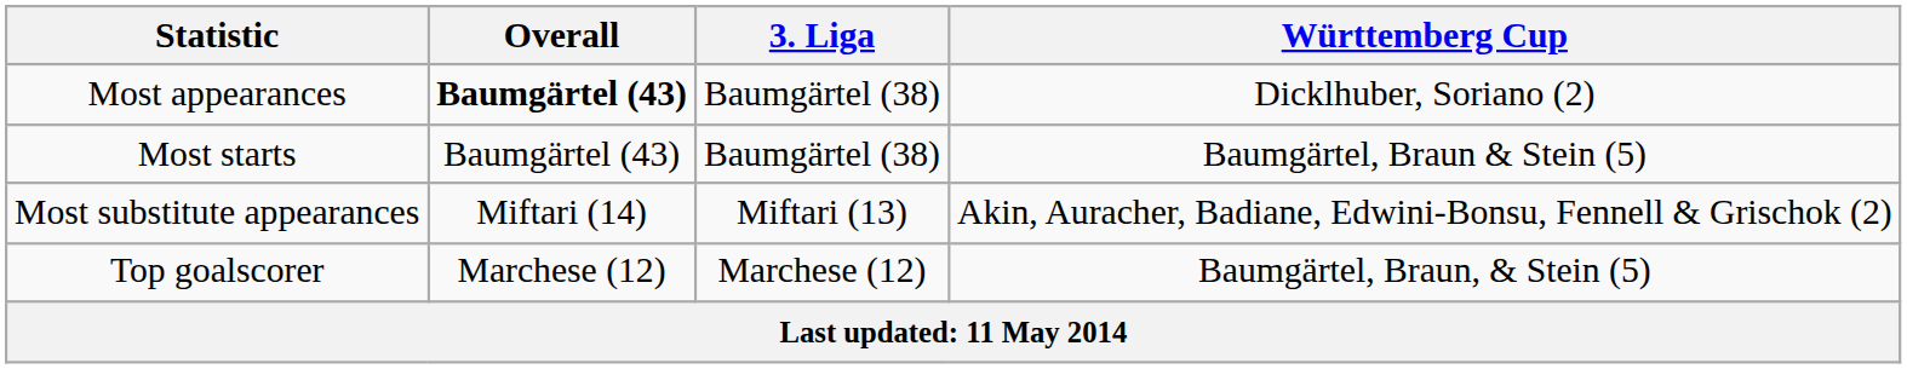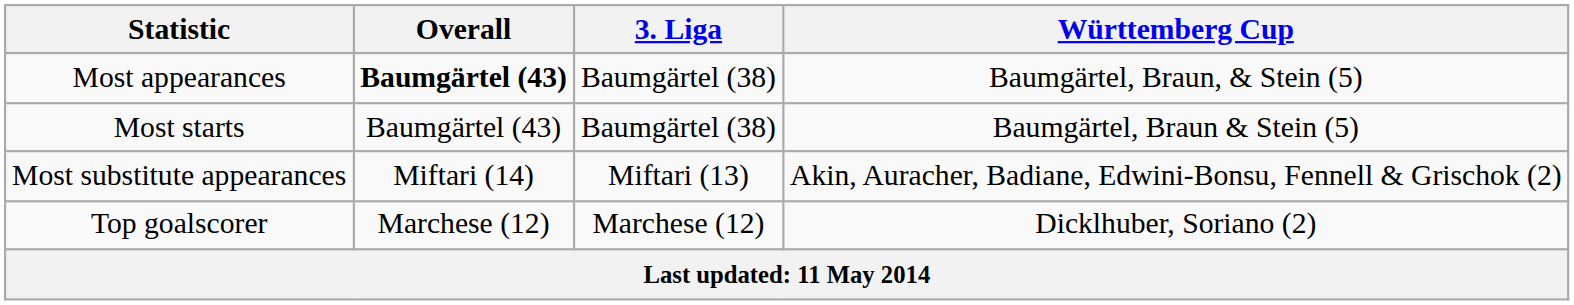 <table class="wikitable" Style="text-align: center;font-size:85%">
 <tr>
 <th>Statistic</th>
 <th>Overall</th>
 <th><a href='#'>3. Liga</a></th>
 <th><a href='#'>Württemberg Cup</a></th>
 </tr>
 <tr>
 <td>Most appearances</td>
 <td><strong>Baumgärtel (43)</strong></td>
 <td>Baumgärtel (38)</td>
-<td>Dicklhuber, Soriano (2)</td>
+<td>Baumgärtel, Braun, & Stein (5)</td>
 </tr>
 <tr>
 <td>Most starts</td>
 <td>Baumgärtel (43)</td>
 <td>Baumgärtel (38)</td>
 <td>Baumgärtel, Braun & Stein (5)</td>
 </tr>
 <tr>
 <td>Most substitute appearances</td>
 <td>Miftari (14)</td>
 <td>Miftari (13)</td>
 <td>Akin, Auracher, Badiane, Edwini-Bonsu, Fennell & Grischok (2)</td>
 </tr>
 <tr>
 <td>Top goalscorer</td>
 <td>Marchese (12)</td>
 <td>Marchese (12)</td>
-<td>Baumgärtel, Braun, & Stein (5)</td>
+<td>Dicklhuber, Soriano (2)</td>
 </tr>
 <tr>
 <th colspan="31"><small>Last updated: 11 May 2014</small></th>
 </tr>
 </table>
